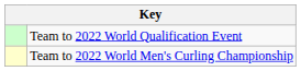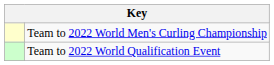 <table class="wikitable" style="t2ext-align: center;">
 <tr>
 <th colspan=2>Key</th>
 </tr>
 <tr>
+<td style="background:#ffffcc; width:20px;"></td>
+<td align=left>Team to <a href='#'>2022 World Men's Curling Championship</a></td>
+</tr>
+<tr>
 <td style="background:#ccffcc; width:20px;"></td>
 <td align=left>Team to <a href='#'>2022 World Qualification Event</a></td>
 </tr>
-<tr>
-<td style="background:#ffffcc; width:20px;"></td>
-<td align=left>Team to <a href='#'>2022 World Men's Curling Championship</a></td>
-</tr>
 </table>
